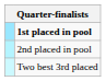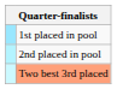 <table class="wikitable" style="font-size:90%; line-height:1.3;">
 <tr>
 <th colspan=2>Quarter-finalists</th>
 </tr>
 <tr>
 <td style="width:0.5em;background:#99e7ff;"> </td>
-<td><strong>1st placed in pool</strong></td>
+<td>1st placed in pool</td>
 </tr>
 <tr>
 <td style="width:0.5em;background:#b4f4ff;"> </td>
 <td>2nd placed in pool</td>
 </tr>
 <tr>
 <td style="width:0.5em;background:#ccf9ff;"> </td>
-<td>Two best 3rd placed</td>
+<td style="background: lightsalmon;">Two best 3rd placed</td>
 </tr>
 </table>
